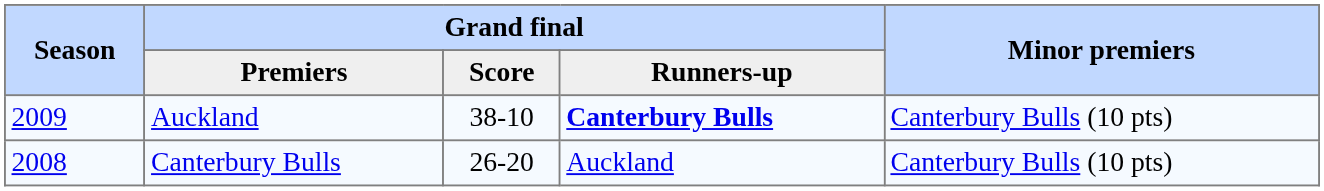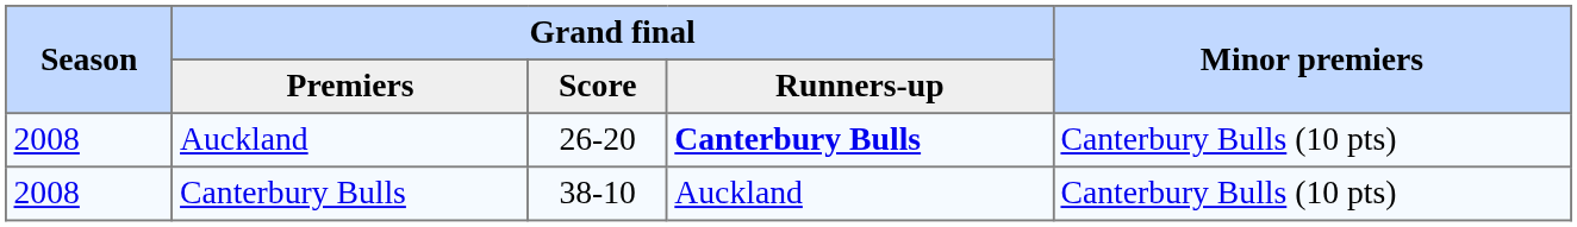 <table border=1 style="border-collapse:collapse; font-size:92%;" cellpadding=3 cellspacing=0 width="700px">
 <tr bgcolor=#C1D8FF>
 <th rowspan=2>Season</th>
 <th colspan=3>Grand final</th>
 <th rowspan=2>Minor premiers</th>
 </tr>
 <tr bgcolor=#EFEFEF>
 <th>Premiers</th>
 <th>Score</th>
 <th rowspan=1>Runners-up</th>
 </tr>
 <tr bgcolor=#F5FAFF>
-<td><a href='#'>2009</a></td>
+<td><a href='#'>2008</a></td>
 <td> <a href='#'>Auckland</a></td>
-<td align="center">38-10</td>
+<td align="center">26-20</td>
 <td><strong> <a href='#'>Canterbury Bulls</a></strong></td>
 <td> <a href='#'>Canterbury Bulls</a> (10 pts)</td>
 </tr>
 <tr bgcolor=#F5FAFF>
 <td><a href='#'>2008</a></td>
 <td> <a href='#'>Canterbury Bulls</a></td>
-<td align="center">26-20</td>
+<td align="center">38-10</td>
 <td> <a href='#'>Auckland</a></td>
 <td> <a href='#'>Canterbury Bulls</a> (10 pts)</td>
 </tr>
 </table>
